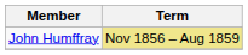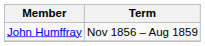 <table class="wikitable">
 <tr>
 <th>Member</th>
 <th>Term</th>
 </tr>
 <tr>
 <td><a href='#'>John Humffray</a></td>
-<td style="background: khaki;">Nov 1856 – Aug 1859</td>
+<td>Nov 1856 – Aug 1859</td>
 </tr>
 <tr>
 </tr>
 </table>
